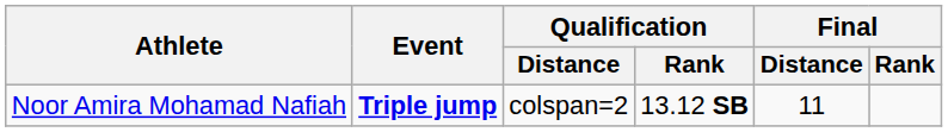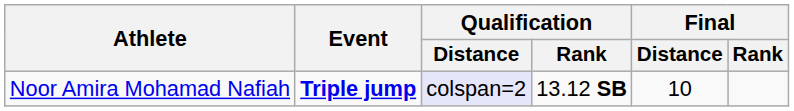 <table class="wikitable" style="font-size:90%">
 <tr>
 <th rowspan=2>Athlete</th>
 <th rowspan=2>Event</th>
 <th colspan=2>Qualification</th>
 <th colspan=2>Final</th>
 </tr>
 <tr style="font-size:95%">
 <th>Distance</th>
 <th>Rank</th>
 <th>Distance</th>
 <th>Rank</th>
 </tr>
 <tr align=center>
 <td align=left><a href='#'>Noor Amira Mohamad Nafiah</a></td>
 <td align=left><strong><a href='#'>Triple jump</a></strong></td>
-<td>colspan=2 </td>
+<td style="background: lavender;">colspan=2 </td>
 <td>13.12 <strong>SB</strong></td>
-<td>11</td>
+<td>10</td>
 </tr>
 </table>
